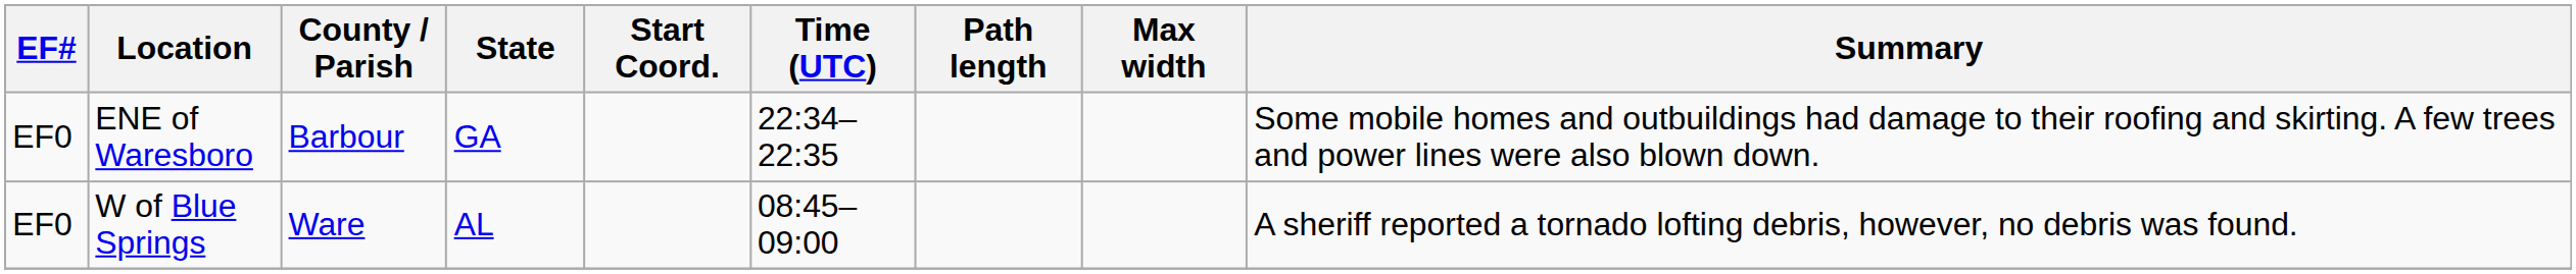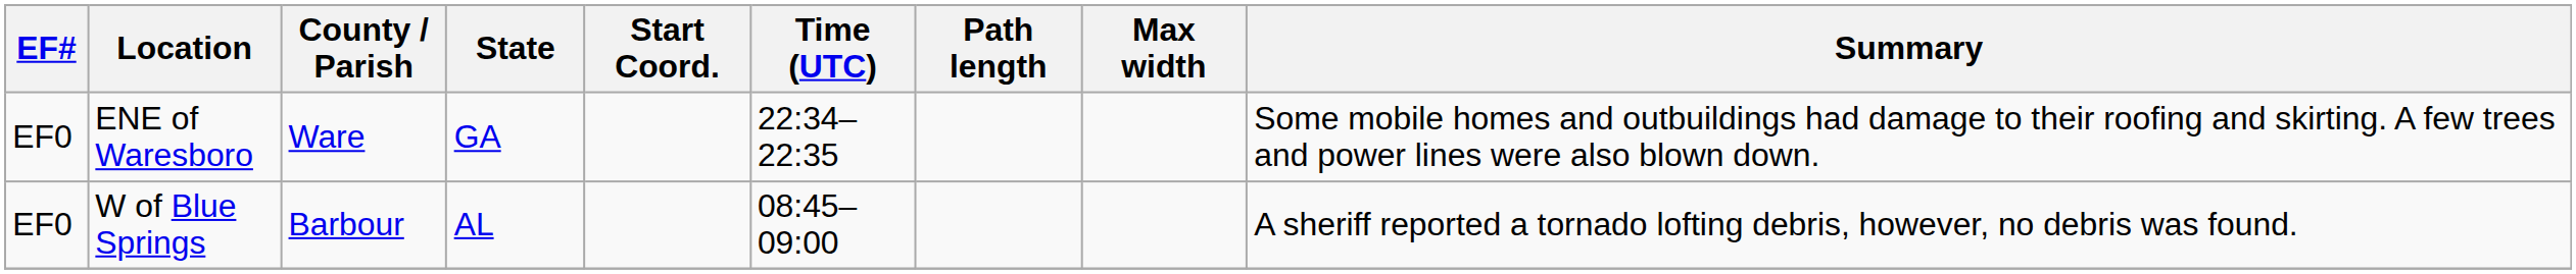 <table class="wikitable sortable" style="width:100%;">
 <tr>
 <th scope="col"  style="width:3%; text-align:center;"><a href='#'>EF#</a></th>
 <th scope="col"  style="width:7%; text-align:center;" class="unsortable">Location</th>
 <th scope="col"  style="width:6%; text-align:center;" class="unsortable">County / Parish</th>
 <th scope="col"  style="width:5%; text-align:center;">State</th>
 <th scope="col"  style="width:6%; text-align:center;">Start Coord.</th>
 <th scope="col"  style="width:6%; text-align:center;">Time (<a href='#'>UTC</a>)</th>
 <th scope="col"  style="width:6%; text-align:center;">Path length</th>
 <th scope="col"  style="width:6%; text-align:center;">Max width</th>
 <th scope="col" class="unsortable" style="width:48%; text-align:center;">Summary</th>
 </tr>
 <tr>
 <td>EF0</td>
 <td>ENE of <a href='#'>Waresboro</a></td>
-<td><a href='#'>Barbour</a></td>
+<td><a href='#'>Ware</a></td>
 <td><a href='#'>GA</a></td>
 <td></td>
 <td>22:34–22:35</td>
 <td></td>
 <td></td>
 <td>Some mobile homes and outbuildings had damage to their roofing and skirting. A few trees and power lines were also blown down.</td>
 </tr>
 <tr>
 <td>EF0</td>
 <td>W of <a href='#'>Blue Springs</a></td>
-<td><a href='#'>Ware</a></td>
+<td><a href='#'>Barbour</a></td>
 <td><a href='#'>AL</a></td>
 <td></td>
 <td>08:45–09:00</td>
 <td></td>
 <td></td>
 <td>A sheriff reported a tornado lofting debris, however, no debris was found.</td>
 </tr>
 <tr>
 </tr>
 </table>
